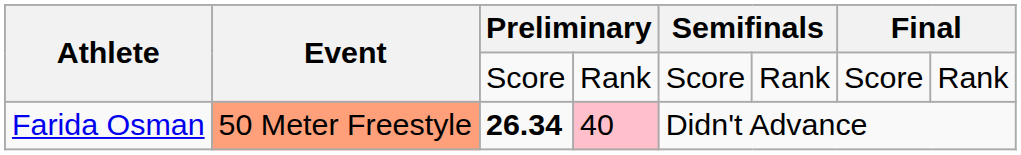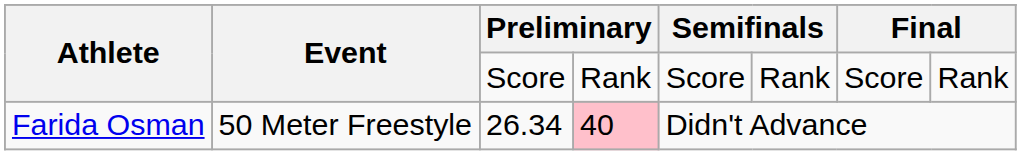 <table class="wikitable">
 <tr>
 <th rowspan="2">Athlete</th>
 <th rowspan="2">Event</th>
 <th colspan="2">Preliminary</th>
 <th colspan="2">Semifinals</th>
 <th colspan="2">Final</th>
 </tr>
 <tr>
 <td>Score</td>
 <td>Rank</td>
 <td>Score</td>
 <td>Rank</td>
 <td>Score</td>
 <td>Rank</td>
 </tr>
 <tr>
 <td><a href='#'>Farida Osman</a></td>
-<td style="background: lightsalmon;">50 Meter Freestyle</td>
-<td><strong>26.34</strong></td>
+<td>50 Meter Freestyle</td>
+<td>26.34</td>
 <td style="background: pink;">40</td>
 <td colspan="4">Didn't Advance</td>
 </tr>
 </table>
